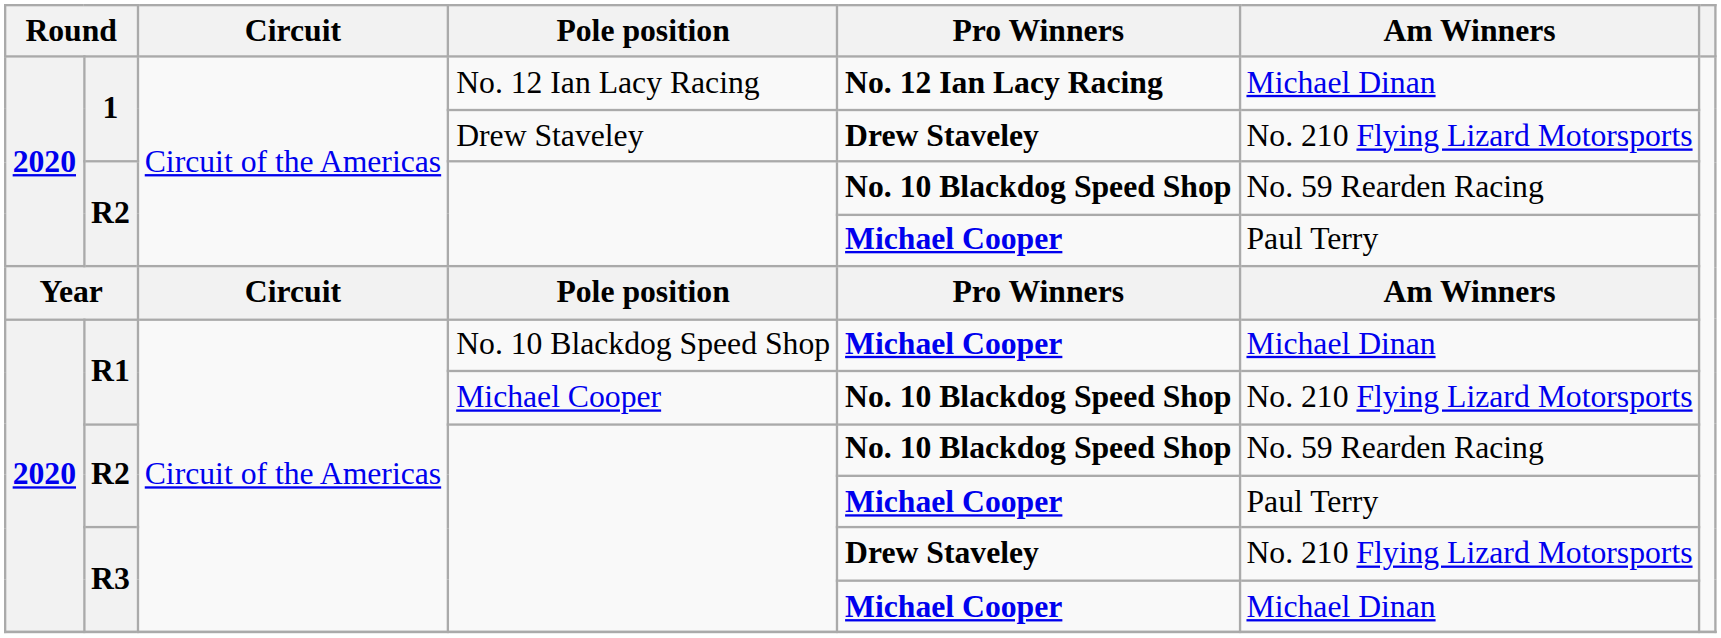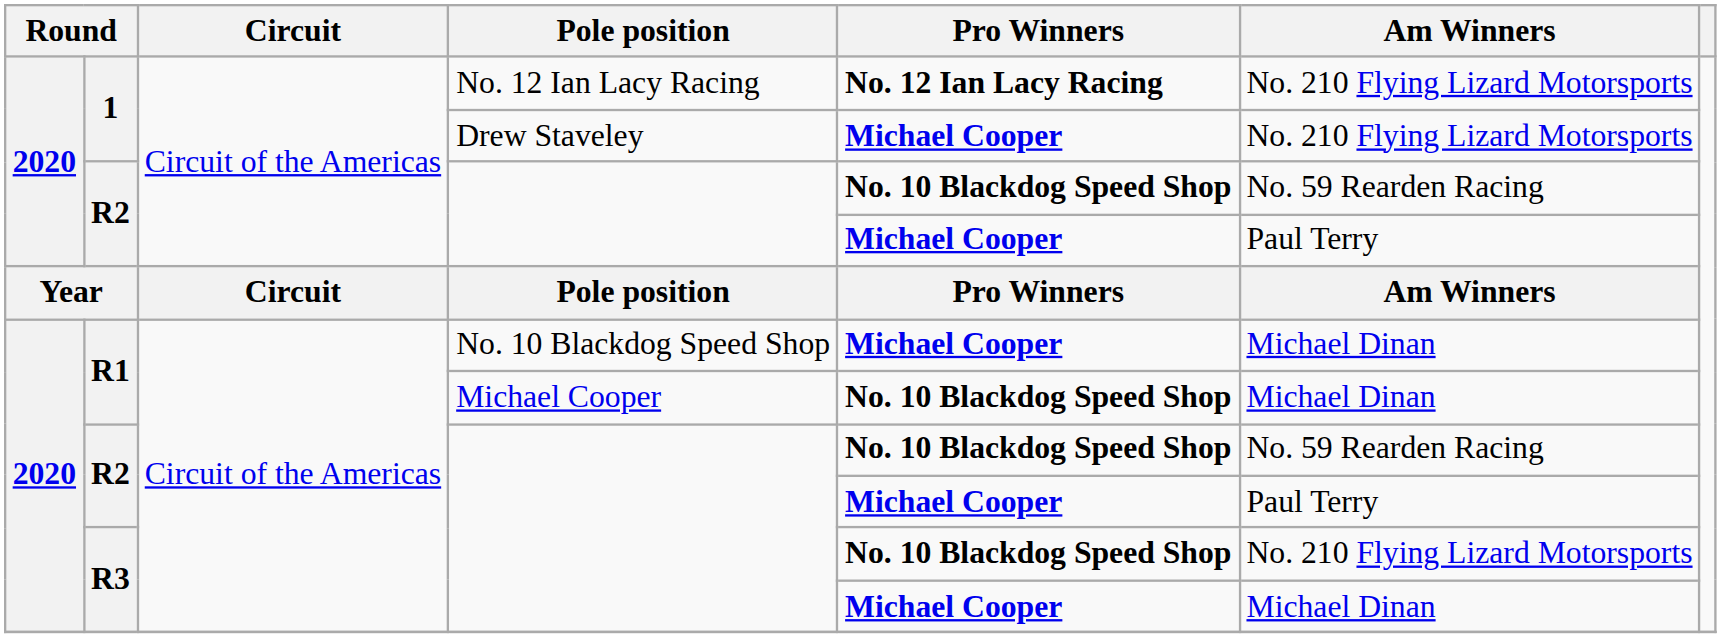 <table class="wikitable" style="font-size:85%;">
 <tr>
 <th colspan=2>Round</th>
 <th>Circuit</th>
 <th>Pole position</th>
 <th>Pro Winners</th>
 <th>Am Winners</th>
 <th rowspan=1 colspan=15></th>
 </tr>
 <tr>
 <th rowspan=4><a href='#'>2020</a></th>
 <th rowspan=2>1</th>
 <td rowspan=4><a href='#'>Circuit of the Americas</a></td>
 <td> No. 12 Ian Lacy Racing</td>
 <td><strong> No. 12 Ian Lacy Racing</strong></td>
-<td> <a href='#'>Michael Dinan</a></td>
+<td> No. 210 <a href='#'>Flying Lizard Motorsports</a></td>
 <td rowspan=11 colspan=15 align=center></td>
 </tr>
 <tr>
 <td> Drew Staveley</td>
-<td><strong> Drew Staveley</strong></td>
+<td><strong> <a href='#'>Michael Cooper</a></strong></td>
 <td> No. 210 <a href='#'>Flying Lizard Motorsports</a></td>
 </tr>
 <tr>
 <th rowspan=2>R2</th>
 <td rowspan=2></td>
 <td><strong> No. 10 Blackdog Speed Shop</strong></td>
 <td> No. 59 Rearden Racing</td>
 </tr>
 <tr>
 <td><strong> <a href='#'>Michael Cooper</a></strong></td>
 <td> Paul Terry</td>
 </tr>
 <tr>
 <th colspan=2>Year</th>
 <th>Circuit</th>
 <th>Pole position</th>
 <th>Pro Winners</th>
 <th>Am Winners</th>
 </tr>
 <tr>
 <th rowspan=6><a href='#'>2020</a></th>
 <th rowspan=2>R1</th>
 <td rowspan=6><a href='#'>Circuit of the Americas</a></td>
 <td> No. 10 Blackdog Speed Shop</td>
 <td><strong> <a href='#'>Michael Cooper</a></strong></td>
 <td> <a href='#'>Michael Dinan</a></td>
 </tr>
 <tr>
 <td> <a href='#'>Michael Cooper</a></td>
 <td><strong> No. 10 Blackdog Speed Shop</strong></td>
-<td> No. 210 <a href='#'>Flying Lizard Motorsports</a></td>
+<td> <a href='#'>Michael Dinan</a></td>
 </tr>
 <tr>
 <th rowspan=2>R2</th>
 <td rowspan=4></td>
 <td><strong> No. 10 Blackdog Speed Shop</strong></td>
 <td> No. 59 Rearden Racing</td>
 </tr>
 <tr>
 <td><strong> <a href='#'>Michael Cooper</a></strong></td>
 <td> Paul Terry</td>
 </tr>
 <tr>
 <th rowspan=2>R3</th>
-<td><strong> Drew Staveley</strong></td>
+<td><strong> No. 10 Blackdog Speed Shop</strong></td>
 <td> No. 210 <a href='#'>Flying Lizard Motorsports</a></td>
 </tr>
 <tr>
 <td><strong> <a href='#'>Michael Cooper</a></strong></td>
 <td> <a href='#'>Michael Dinan</a></td>
 </tr>
 <tr>
 </tr>
 </table>
